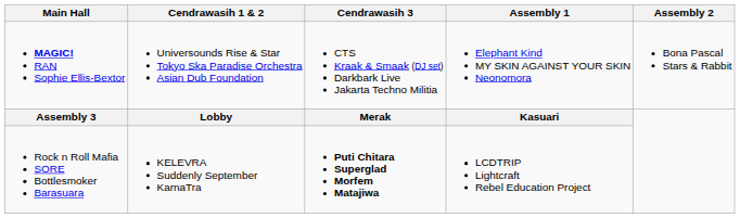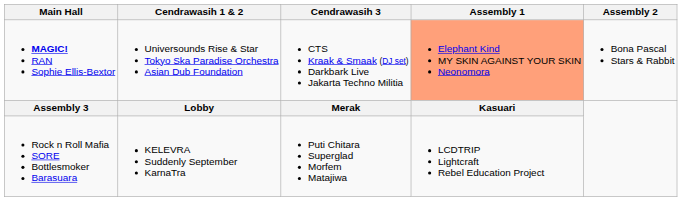 <table class="wikitable">
 <tr>
 <th>Main Hall</th>
 <th>Cendrawasih 1 & 2</th>
 <th>Cendrawasih 3</th>
 <th>Assembly 1</th>
 <th>Assembly 2</th>
 </tr>
 <tr valign="top">
 <td><br><ul><li><strong><a href='#'>MAGIC!</a></strong></li><li><a href='#'>RAN</a></li><li><a href='#'>Sophie Ellis-Bextor</a></li></ul></td>
 <td><br><ul><li>Universounds Rise & Star</li><li><a href='#'>Tokyo Ska Paradise Orchestra</a></li><li><a href='#'>Asian Dub Foundation</a></li></ul></td>
 <td><br><ul><li>CTS</li><li><a href='#'>Kraak & Smaak</a> <small>(<a href='#'>DJ set</a>)</small></li><li>Darkbark Live</li><li>Jakarta Techno Militia</li></ul></td>
-<td><br><ul><li><a href='#'>Elephant Kind</a></li><li>MY SKIN AGAINST YOUR SKIN</li><li><a href='#'>Neonomora</a></li></ul></td>
+<td style="background: lightsalmon;"><br><ul><li><a href='#'>Elephant Kind</a></li><li>MY SKIN AGAINST YOUR SKIN</li><li><a href='#'>Neonomora</a></li></ul></td>
 <td><br><ul><li>Bona Pascal</li><li>Stars & Rabbit</li></ul></td>
 </tr>
 <tr>
 <th>Assembly 3</th>
 <th>Lobby</th>
 <th>Merak</th>
 <th>Kasuari</th>
 </tr>
 <tr>
 <td><br><ul><li>Rock n Roll Mafia</li><li><a href='#'>SORE</a></li><li>Bottlesmoker</li><li><a href='#'>Barasuara</a></li></ul></td>
 <td><br><ul><li>KELEVRA</li><li>Suddenly September</li><li>KarnaTra</li></ul></td>
-<td><strong><br><ul><li>Puti Chitara</li><li>Superglad</li><li>Morfem</li><li>Matajiwa</li></ul></strong></td>
+<td><br><ul><li>Puti Chitara</li><li>Superglad</li><li>Morfem</li><li>Matajiwa</li></ul></td>
 <td><br><ul><li>LCDTRIP</li><li>Lightcraft</li><li>Rebel Education Project</li></ul></td>
 </tr>
 </table>
